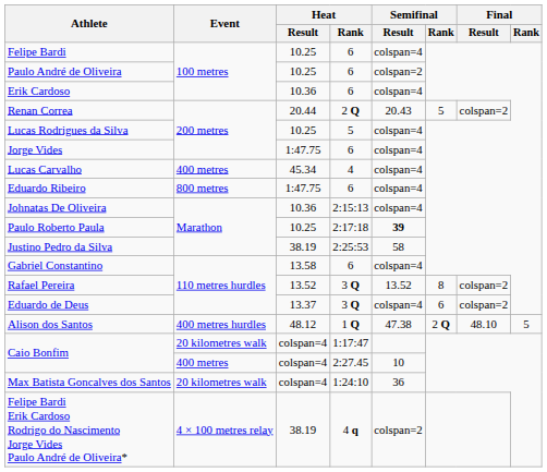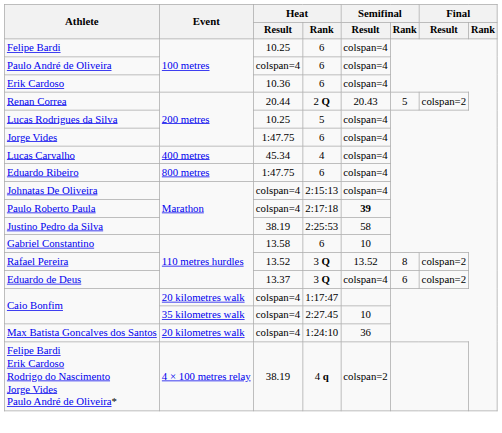 <table class="wikitable" style="font-size:90%">
 <tr>
 <th rowspan="2">Athlete</th>
 <th rowspan="2">Event</th>
 <th colspan="2">Heat</th>
 <th colspan="2">Semifinal</th>
 <th colspan="2">Final</th>
 </tr>
 <tr style="font-size:95%">
 <th>Result</th>
 <th>Rank</th>
 <th>Result</th>
 <th>Rank</th>
 <th>Result</th>
 <th>Rank</th>
 </tr>
 <tr align=center>
 <td align=left><a href='#'>Felipe Bardi</a></td>
 <td align=left rowspan=3><a href='#'>100 metres</a></td>
 <td>10.25</td>
 <td>6</td>
 <td>colspan=4 </td>
 </tr>
 <tr align=center>
 <td align=left><a href='#'>Paulo André de Oliveira</a></td>
-<td>10.25</td>
+<td>colspan=4</td>
 <td>6</td>
-<td>colspan=2</td>
+<td>colspan=4 </td>
 </tr>
 <tr align=center>
 <td align=left><a href='#'>Erik Cardoso</a></td>
 <td>10.36</td>
 <td>6</td>
 <td>colspan=4 </td>
 </tr>
 <tr align=center>
 <td align=left><a href='#'>Renan Correa</a></td>
 <td align=left rowspan=3><a href='#'>200 metres</a></td>
 <td>20.44</td>
 <td>2 <strong>Q</strong></td>
 <td>20.43</td>
 <td>5</td>
 <td>colspan=2 </td>
 </tr>
 <tr align=center>
 <td align=left><a href='#'>Lucas Rodrigues da Silva</a></td>
 <td>10.25</td>
 <td>5</td>
 <td>colspan=4 </td>
 </tr>
 <tr align=center>
 <td align=left><a href='#'>Jorge Vides</a></td>
 <td>1:47.75</td>
 <td>6</td>
 <td>colspan=4 </td>
 </tr>
 <tr align=center>
 <td align=left><a href='#'>Lucas Carvalho</a></td>
 <td align=left><a href='#'>400 metres</a></td>
 <td>45.34</td>
 <td>4</td>
 <td>colspan=4 </td>
 </tr>
 <tr align=center>
 <td align=left><a href='#'>Eduardo Ribeiro</a></td>
 <td align=left><a href='#'>800 metres</a></td>
 <td>1:47.75</td>
 <td>6</td>
 <td>colspan=4 </td>
 </tr>
 <tr align=center>
 <td align=left><a href='#'>Johnatas De Oliveira</a></td>
 <td align=left rowspan=3><a href='#'>Marathon</a></td>
-<td>10.36</td>
+<td>colspan=4</td>
 <td>2:15:13</td>
 <td>colspan=4 </td>
 </tr>
 <tr align=center>
 <td align=left><a href='#'>Paulo Roberto Paula</a></td>
-<td>10.25</td>
+<td>colspan=4</td>
 <td>2:17:18</td>
 <td><strong>39</strong></td>
 </tr>
 <tr align=center>
 <td align=left><a href='#'>Justino Pedro da Silva</a></td>
 <td>38.19 </td>
 <td>2:25:53</td>
 <td>58</td>
 </tr>
 <tr align=center>
 <td align=left><a href='#'>Gabriel Constantino</a></td>
 <td align=left rowspan=3><a href='#'>110 metres hurdles</a></td>
 <td>13.58</td>
 <td>6</td>
-<td>colspan=4 </td>
+<td>10</td>
 </tr>
 <tr align=center>
 <td align=left><a href='#'>Rafael Pereira</a></td>
 <td>13.52</td>
 <td>3 <strong>Q</strong></td>
 <td>13.52</td>
 <td>8</td>
 <td>colspan=2 </td>
 </tr>
 <tr align=center>
 <td align=left><a href='#'>Eduardo de Deus</a></td>
 <td>13.37 </td>
 <td>3 <strong>Q</strong></td>
 <td>colspan=4 </td>
 <td>6</td>
 <td>colspan=2 </td>
 </tr>
 <tr align=center>
-<td align=left><a href='#'>Alison dos Santos</a></td>
-<td align=left><a href='#'>400 metres hurdles</a></td>
-<td>48.12</td>
-<td>1 <strong>Q</strong></td>
-<td>47.38 </td>
-<td>2 <strong>Q</strong></td>
-<td>48.10</td>
-<td>5</td>
-</tr>
-<tr align=center>
 <td align=left rowspan=2><a href='#'>Caio Bonfim</a></td>
 <td align=left><a href='#'>20 kilometres walk</a></td>
 <td>colspan=4</td>
 <td>1:17:47 <strong></strong></td>
 <td></td>
 </tr>
 <tr align=center>
-<td align=left><a href='#'>400 metres</a></td>
+<td align=left><a href='#'>35 kilometres walk</a></td>
 <td>colspan=4</td>
 <td>2:27.45</td>
 <td>10</td>
 </tr>
 <tr align=center>
 <td align=left><a href='#'>Max Batista Goncalves dos Santos</a></td>
 <td align=left><a href='#'>20 kilometres walk</a></td>
 <td>colspan=4</td>
 <td>1:24:10 </td>
 <td>36</td>
 </tr>
 <tr align=center>
 <td align=left><a href='#'>Felipe Bardi</a><br><a href='#'>Erik Cardoso</a><br><a href='#'>Rodrigo do Nascimento</a><br><a href='#'>Jorge Vides</a><br><a href='#'>Paulo André de Oliveira</a>*</td>
 <td align=left><a href='#'>4 × 100 metres relay</a></td>
 <td>38.19 </td>
 <td>4 <strong>q</strong></td>
 <td>colspan=2</td>
 <td colspan=2></td>
 </tr>
 </table>
